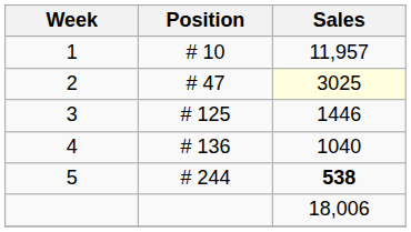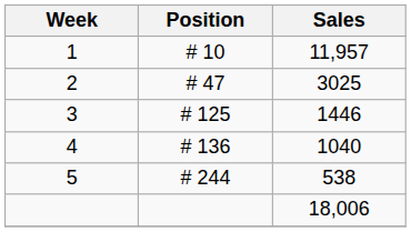 <table class="wikitable">
 <tr>
 <th width="100">Week</th>
 <th width="100">Position</th>
 <th width="100">Sales</th>
 </tr>
 <tr>
 <td align="center">1</td>
 <td align="center"># 10</td>
 <td align="center">11,957</td>
 </tr>
 <tr>
 <td align="center">2</td>
 <td align="center"># 47</td>
-<td align="center" style="background: lightyellow;">3025</td>
+<td align="center">3025</td>
 </tr>
 <tr>
 <td align="center">3</td>
 <td align="center"># 125</td>
 <td align="center">1446</td>
 </tr>
 <tr>
 <td align="center">4</td>
 <td align="center"># 136</td>
 <td align="center">1040</td>
 </tr>
 <tr>
 <td align="center">5</td>
 <td align="center"># 244</td>
-<td align="center"><strong>538</strong></td>
+<td align="center">538</td>
 </tr>
 <tr>
 <td align="center"></td>
 <td align="center"></td>
 <td align="center">18,006</td>
 </tr>
 <tr>
 </tr>
 </table>
